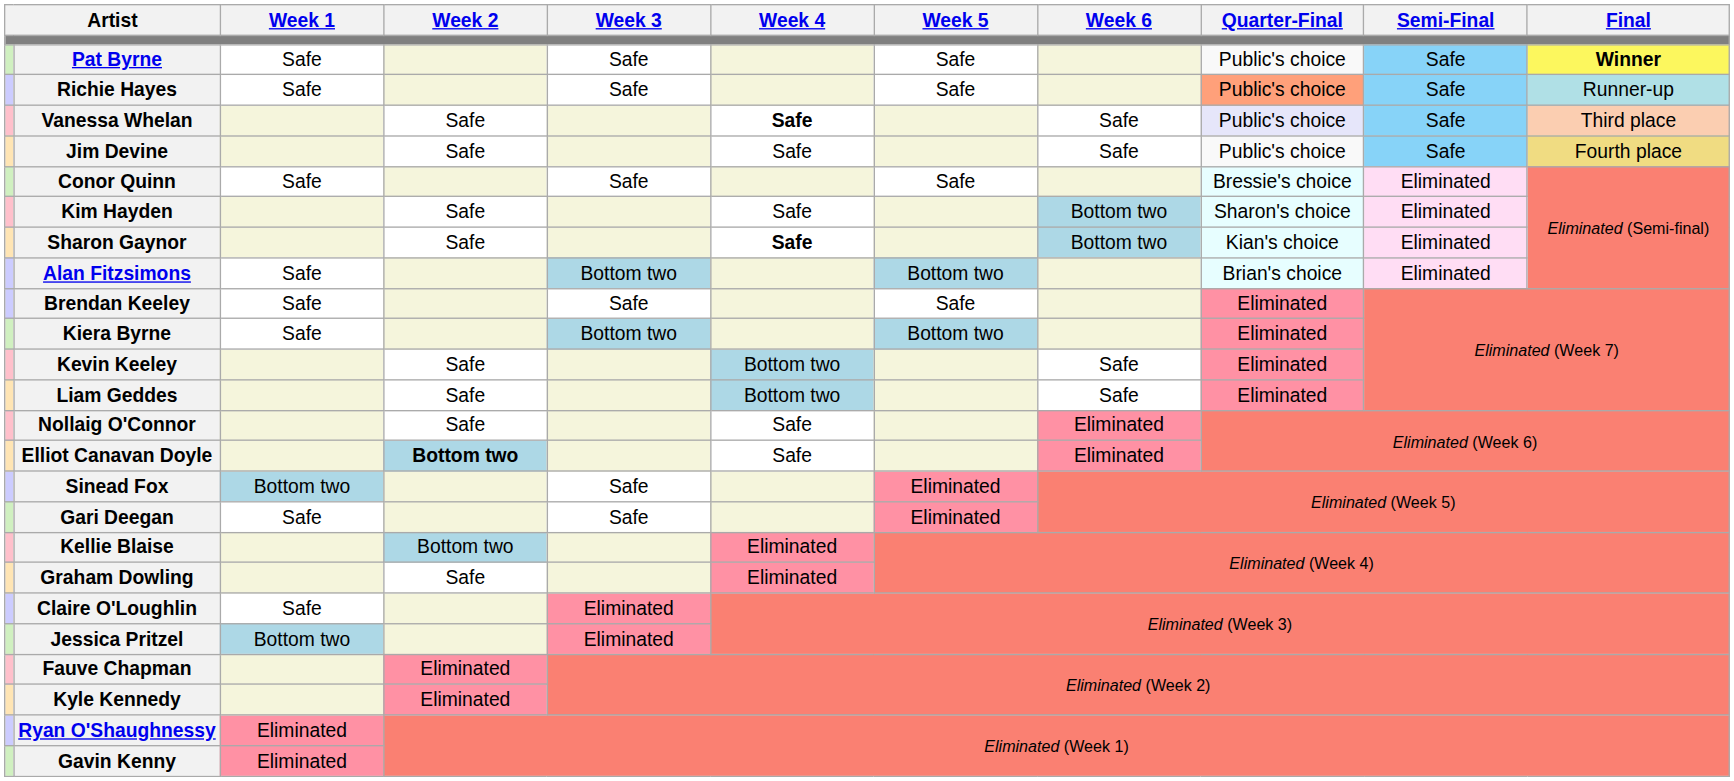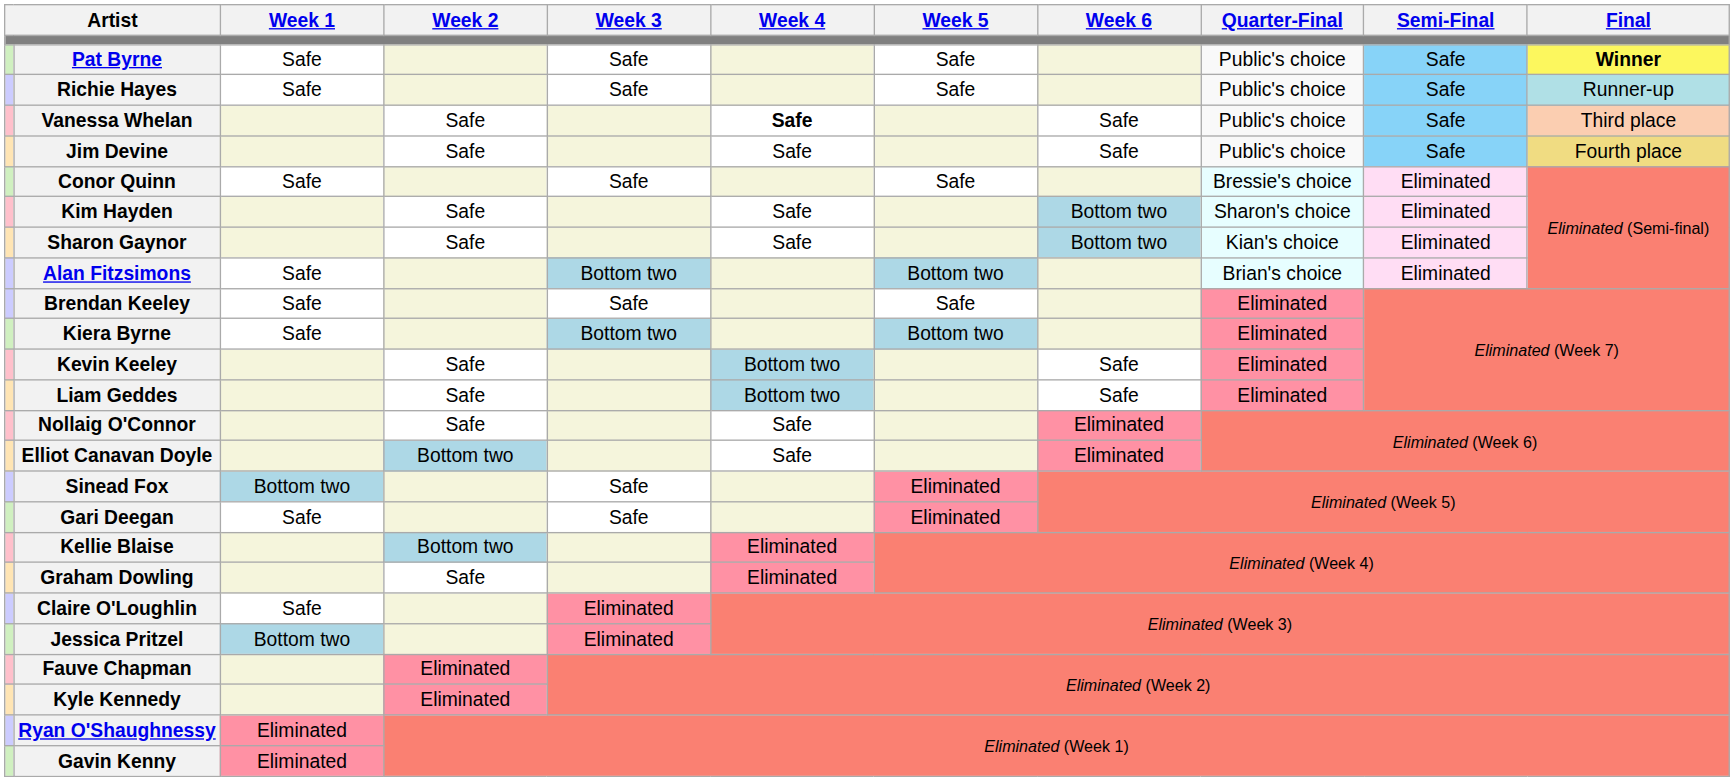 <table class="wikitable plainrowheaders"  style="text-align:center; font-size:90%;">
 <tr>
 <th colspan="2">Artist</th>
 <th style="width:8em;"><a href='#'>Week 1</a></th>
 <th style="width:8em;"><a href='#'>Week 2</a></th>
 <th style="width:8em;"><a href='#'>Week 3</a></th>
 <th style="width:8em;"><a href='#'>Week 4</a></th>
 <th style="width:8em;"><a href='#'>Week 5</a></th>
 <th style="width:8em;"><a href='#'>Week 6</a></th>
 <th style="width:8em;"><a href='#'>Quarter-Final</a></th>
 <th style="width:8em;"><a href='#'>Semi-Final</a></th>
 <th style="width:10em;"><a href='#'>Final</a></th>
 </tr>
 <tr>
 <th colspan="12" style="background:grey;"></th>
 </tr>
 <tr>
 <td style="background:#d0f0c0;"></td>
 <th><a href='#'>Pat Byrne</a></th>
 <td style="background:#FFFFFF;">Safe</td>
 <td style="background:#F5F5DC;"></td>
 <td style="background:#FFFFFF;">Safe</td>
 <td style="background:#F5F5DC;"></td>
 <td style="background:#FFFFFF;">Safe</td>
 <td style="background:#F5F5DC;"></td>
 <td>Public's choice</td>
 <td style="background:#87D3F8;">Safe</td>
 <td style="background:#FCF75E"><strong>Winner</strong></td>
 </tr>
 <tr>
 <td style="background:#ccf;"></td>
 <th>Richie Hayes</th>
 <td style="background:#FFFFFF;">Safe</td>
 <td style="background:#F5F5DC;"></td>
 <td style="background:#FFFFFF;">Safe</td>
 <td style="background:#F5F5DC;"></td>
 <td style="background:#FFFFFF;">Safe</td>
 <td style="background:#F5F5DC;"></td>
-<td style="background: lightsalmon;">Public's choice</td>
+<td>Public's choice</td>
 <td style="background:#87D3F8;">Safe</td>
 <td style="background:#B0E0E6">Runner-up</td>
 </tr>
 <tr>
 <td style="background:pink;"></td>
 <th>Vanessa Whelan</th>
 <td style="background:#F5F5DC;"></td>
 <td style="background:#FFFFFF;">Safe</td>
 <td style="background:#F5F5DC;"></td>
 <td style="background:#FFFFFF;"><strong>Safe</strong></td>
 <td style="background:#F5F5DC;"></td>
 <td style="background:#FFFFFF;">Safe</td>
-<td style="background: lavender;">Public's choice</td>
+<td>Public's choice</td>
 <td style="background:#87D3F8;">Safe</td>
 <td style="background:#FBCEB1">Third place</td>
 </tr>
 <tr>
 <td style="background:#ffe5b4;"></td>
 <th>Jim Devine</th>
 <td style="background:#F5F5DC;"></td>
 <td style="background:#FFFFFF;">Safe</td>
 <td style="background:#F5F5DC;"></td>
 <td style="background:#FFFFFF;">Safe</td>
 <td style="background:#F5F5DC;"></td>
 <td style="background:#FFFFFF;">Safe</td>
 <td>Public's choice</td>
 <td style="background:#87D3F8;">Safe</td>
 <td style="background:#F0DC82">Fourth place</td>
 </tr>
 <tr>
 <td style="background:#d0f0c0;"></td>
 <th>Conor Quinn</th>
 <td style="background:#FFFFFF;">Safe</td>
 <td style="background:#F5F5DC;"></td>
 <td style="background:#FFFFFF;">Safe</td>
 <td style="background:#F5F5DC;"></td>
 <td style="background:#FFFFFF;">Safe</td>
 <td style="background:#F5F5DC;"></td>
 <td style="background:#E7FEFF;">Bressie's choice</td>
 <td style="background:#FFDDF4;">Eliminated</td>
 <td rowspan="4" style="background:salmon"><small><em>Eliminated</em> (Semi-final)</small></td>
 </tr>
 <tr>
 <td style="background:pink;"></td>
 <th>Kim Hayden</th>
 <td style="background:#F5F5DC;"></td>
 <td style="background:#FFFFFF;">Safe</td>
 <td style="background:#F5F5DC;"></td>
 <td style="background:#FFFFFF;">Safe</td>
 <td style="background:#F5F5DC;"></td>
 <td style="background:lightblue;">Bottom two</td>
 <td style="background:#E7FEFF;">Sharon's choice</td>
 <td style="background:#FFDDF4;">Eliminated</td>
 </tr>
 <tr>
 <td style="background:#ffe5b4;"></td>
 <th>Sharon Gaynor</th>
 <td style="background:#F5F5DC;"></td>
 <td style="background:#FFFFFF;">Safe</td>
 <td style="background:#F5F5DC;"></td>
-<td style="background:#FFFFFF;"><strong>Safe</strong></td>
+<td style="background:#FFFFFF;">Safe</td>
 <td style="background:#F5F5DC;"></td>
 <td style="background:lightblue">Bottom two</td>
 <td style="background:#E7FEFF;">Kian's choice</td>
 <td style="background:#FFDDF4;">Eliminated</td>
 </tr>
 <tr>
 <td style="background:#ccf;"></td>
 <th><a href='#'>Alan Fitzsimons</a></th>
 <td style="background:#FFFFFF;">Safe</td>
 <td style="background:#F5F5DC;"></td>
 <td style="background:lightblue">Bottom two</td>
 <td style="background:#F5F5DC;"></td>
 <td style="background:lightblue;">Bottom two</td>
 <td style="background:#F5F5DC;"></td>
 <td style="background:#E7FEFF;">Brian's choice</td>
 <td style="background:#FFDDF4;">Eliminated</td>
 </tr>
 <tr>
 <td style="background:#ccf;"></td>
 <th>Brendan Keeley</th>
 <td style="background:#FFFFFF;">Safe</td>
 <td style="background:#F5F5DC;"></td>
 <td style="background:#FFFFFF;">Safe</td>
 <td style="background:#F5F5DC;"></td>
 <td style="background:#FFFFFF;">Safe</td>
 <td style="background:#F5F5DC;"></td>
 <td style="background:#FF91A4;">Eliminated</td>
 <td rowspan="4" colspan="2" style="background:salmon"><small><em>Eliminated</em> (Week 7)</small></td>
 </tr>
 <tr>
 <td style="background:#d0f0c0;"></td>
 <th>Kiera Byrne</th>
 <td style="background:#FFFFFF;">Safe</td>
 <td style="background:#F5F5DC;"></td>
 <td style="background:lightblue">Bottom two</td>
 <td style="background:#F5F5DC;"></td>
 <td style="background:lightblue;">Bottom two</td>
 <td style="background:#F5F5DC;"></td>
 <td style="background:#FF91A4;">Eliminated</td>
 </tr>
 <tr>
 <td style="background:pink;"></td>
 <th>Kevin Keeley</th>
 <td style="background:#F5F5DC;"></td>
 <td style="background:#FFFFFF;">Safe</td>
 <td style="background:#F5F5DC;"></td>
 <td style="background:lightblue;">Bottom two</td>
 <td style="background:#F5F5DC;"></td>
 <td style="background:#FFFFFF;">Safe</td>
 <td style="background:#FF91A4;">Eliminated</td>
 </tr>
 <tr>
 <td style="background:#ffe5b4;"></td>
 <th>Liam Geddes</th>
 <td style="background:#F5F5DC;"></td>
 <td style="background:#FFFFFF;">Safe</td>
 <td style="background:#F5F5DC;"></td>
 <td style="background:lightblue;">Bottom two</td>
 <td style="background:#F5F5DC;"></td>
 <td style="background:#FFFFFF;">Safe</td>
 <td style="background:#FF91A4;">Eliminated</td>
 </tr>
 <tr>
 <td style="background:pink;"></td>
 <th>Nollaig O'Connor</th>
 <td style="background:#F5F5DC;"></td>
 <td style="background:#FFFFFF;">Safe</td>
 <td style="background:#F5F5DC;"></td>
 <td style="background:#FFFFFF;">Safe</td>
 <td style="background:#F5F5DC;"></td>
 <td style="background:#FF91A4;">Eliminated</td>
 <td rowspan="2" colspan="5" style="background:salmon"><small><em>Eliminated</em> (Week 6)</small></td>
 </tr>
 <tr>
 <td style="background:#ffe5b4;"></td>
 <th>Elliot Canavan Doyle</th>
 <td style="background:#F5F5DC;"></td>
-<td style="background:lightblue;"><strong>Bottom two</strong></td>
+<td style="background:lightblue;">Bottom two</td>
 <td style="background:#F5F5DC;"></td>
 <td style="background:#FFFFFF;">Safe</td>
 <td style="background:#F5F5DC;"></td>
 <td style="background:#FF91A4">Eliminated</td>
 </tr>
 <tr>
 <td style="background:#ccf;"></td>
 <th>Sinead Fox</th>
 <td style="background:lightblue">Bottom two</td>
 <td style="background:#F5F5DC;"></td>
 <td style="background:#FFFFFF;">Safe</td>
 <td style="background:#F5F5DC;"></td>
 <td style="background:#FF91A4;">Eliminated</td>
 <td rowspan="2" colspan="5" style="background:salmon"><small><em>Eliminated</em> (Week 5)</small></td>
 </tr>
 <tr>
 <td style="background:#d0f0c0;"></td>
 <th>Gari Deegan</th>
 <td style="background:#FFFFFF;">Safe</td>
 <td style="background:#F5F5DC;"></td>
 <td style="background:#FFFFFF;">Safe</td>
 <td style="background:#F5F5DC;"></td>
 <td style="background:#FF91A4;">Eliminated</td>
 </tr>
 <tr>
 <td style="background:pink;"></td>
 <th>Kellie Blaise</th>
 <td style="background:#F5F5DC;"></td>
 <td style="background:lightblue;">Bottom two</td>
 <td style="background:#F5F5DC;"></td>
 <td style="background:#FF91A4">Eliminated</td>
 <td rowspan="2" colspan="5" style="background:salmon"><small><em>Eliminated</em> (Week 4)</small></td>
 </tr>
 <tr>
 <td style="background:#ffe5b4;"></td>
 <th>Graham Dowling</th>
 <td style="background:#F5F5DC;"></td>
 <td style="background:#FFFFFF;">Safe</td>
 <td style="background:#F5F5DC;"></td>
 <td style="background:#FF91A4">Eliminated</td>
 </tr>
 <tr>
 <td style="background:#ccf;"></td>
 <th>Claire O'Loughlin</th>
 <td style="background:#FFFFFF;">Safe</td>
 <td style="background:#F5F5DC;"></td>
 <td style="background:#FF91A4">Eliminated</td>
 <td rowspan="2" colspan="6" style="background:salmon"><small><em>Eliminated</em> (Week 3)</small></td>
 </tr>
 <tr>
 <td style="background:#d0f0c0;"></td>
 <th>Jessica Pritzel</th>
 <td style="background:lightblue">Bottom two</td>
 <td style="background:#F5F5DC;"></td>
 <td style="background:#FF91A4">Eliminated</td>
 </tr>
 <tr>
 <td style="background:pink;"></td>
 <th>Fauve Chapman</th>
 <td style="background:#F5F5DC;"></td>
 <td style="background:#FF91A4">Eliminated</td>
 <td rowspan="2" colspan="7" style="background:salmon"><small><em>Eliminated</em> (Week 2)</small></td>
 </tr>
 <tr>
 <td style="background:#ffe5b4;"></td>
 <th>Kyle Kennedy</th>
 <td style="background:#F5F5DC;"></td>
 <td style="background:#FF91A4">Eliminated</td>
 </tr>
 <tr>
 <td style="background:#ccf;"></td>
 <th><a href='#'>Ryan O'Shaughnessy</a></th>
 <td style="background:#FF91A4">Eliminated</td>
 <td rowspan="2" colspan="8" style="background:salmon"><small><em>Eliminated</em> (Week 1)</small></td>
 </tr>
 <tr>
 <td style="background:#d0f0c0;"></td>
 <th>Gavin Kenny</th>
 <td style="background:#FF91A4;">Eliminated</td>
 </tr>
 </table>
